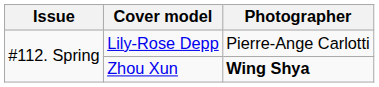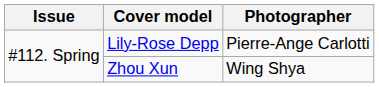 <table class="sortable wikitable">
 <tr>
 <th>Issue</th>
 <th>Cover model</th>
 <th>Photographer</th>
 </tr>
 <tr>
 <td rowspan="2">#112. Spring</td>
 <td><a href='#'>Lily-Rose Depp</a></td>
 <td>Pierre-Ange Carlotti</td>
 </tr>
 <tr>
 <td><a href='#'>Zhou Xun</a></td>
-<td><strong>Wing Shya</strong></td>
+<td>Wing Shya</td>
 </tr>
 </table>
